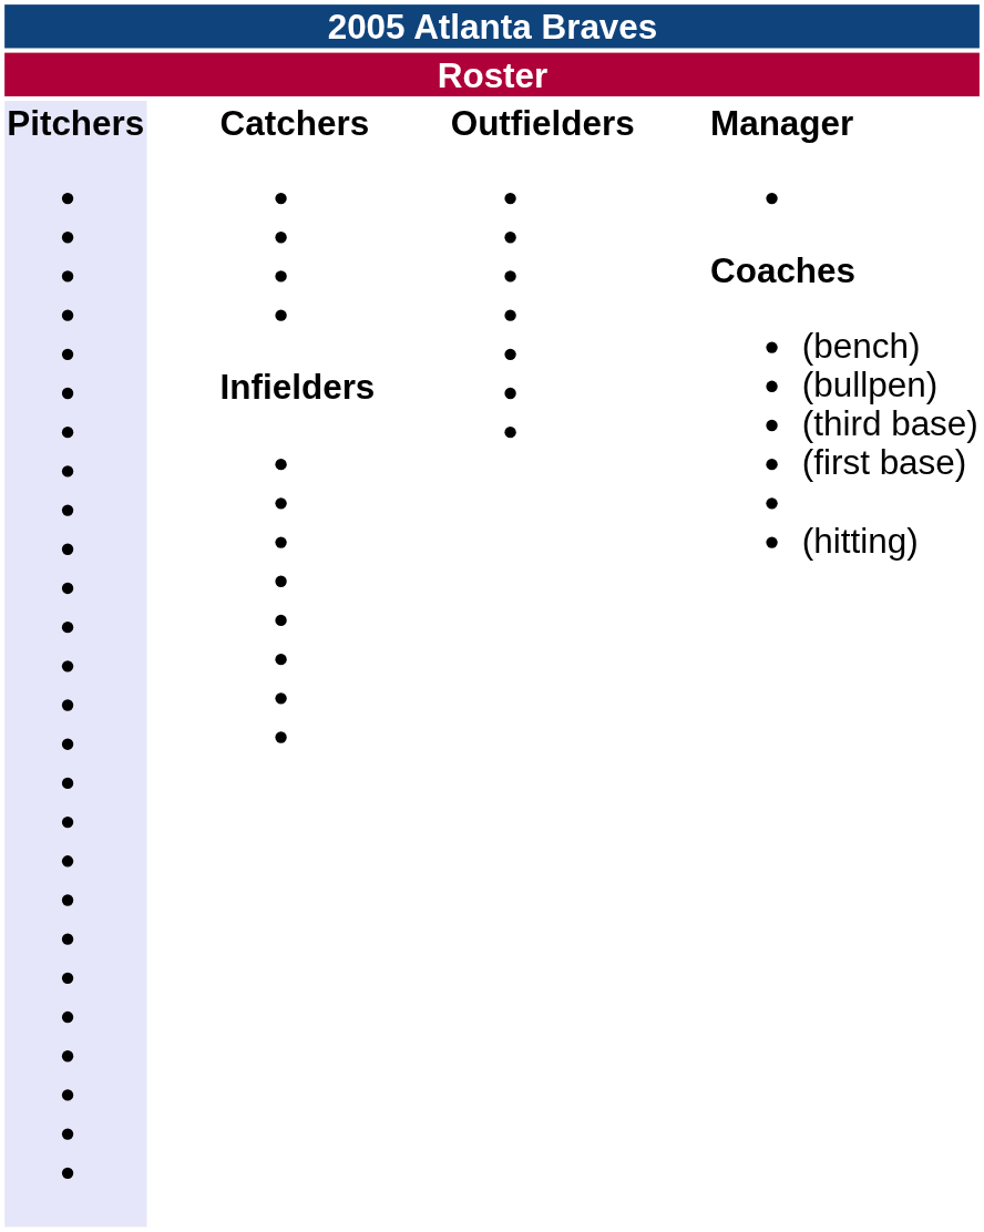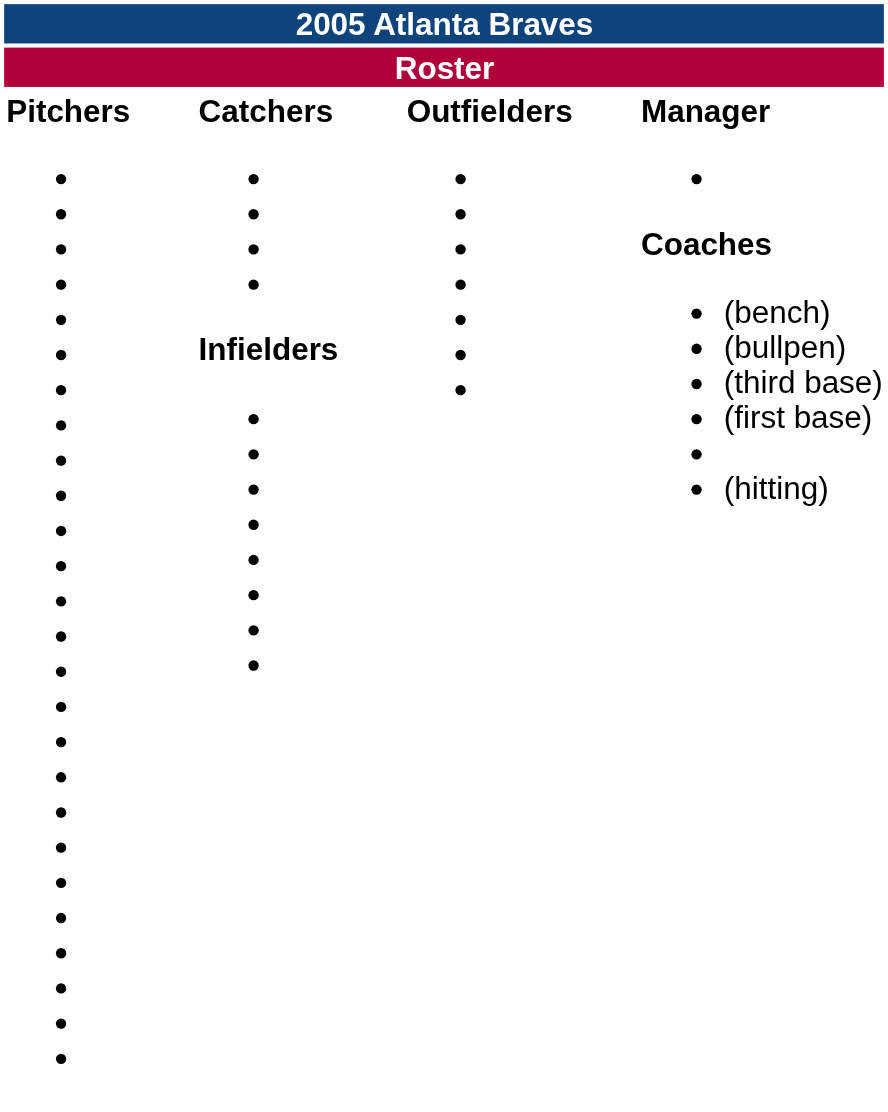 <table class="toccolours" style="font-size: 95%;">
 <tr>
 <th colspan="10" style="background-color: #0f437c; color: #FFFFFF; text-align: center;">2005 Atlanta Braves</th>
 </tr>
 <tr>
 <td colspan="10" style="background-color:#af0039; color: white; text-align: center;"><strong>Roster</strong></td>
 </tr>
 <tr>
-<td valign="top" style="background: lavender;"><strong>Pitchers</strong><br><ul><li></li><li></li><li></li><li></li><li></li><li></li><li></li><li></li><li></li><li></li><li></li><li></li><li></li><li></li><li></li><li></li><li></li><li></li><li></li><li></li><li></li><li></li><li></li><li></li><li></li><li></li></ul></td>
+<td valign="top"><strong>Pitchers</strong><br><ul><li></li><li></li><li></li><li></li><li></li><li></li><li></li><li></li><li></li><li></li><li></li><li></li><li></li><li></li><li></li><li></li><li></li><li></li><li></li><li></li><li></li><li></li><li></li><li></li><li></li><li></li></ul></td>
 <td width="25px"></td>
 <td valign="top"><strong>Catchers</strong><br><ul><li></li><li></li><li></li><li></li></ul><strong>Infielders</strong><ul><li></li><li></li><li></li><li></li><li></li><li></li><li></li><li></li></ul></td>
 <td width="25px"></td>
 <td valign="top"><strong>Outfielders</strong><br><ul><li></li><li></li><li></li><li></li><li></li><li></li><li></li></ul></td>
 <td width="25px"></td>
 <td valign="top"><strong>Manager</strong><br><ul><li></li></ul><strong>Coaches</strong><ul><li> (bench)</li><li> (bullpen)</li><li> (third base)</li><li> (first base)</li><li></li><li> (hitting)</li></ul></td>
 </tr>
 </table>
